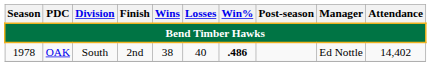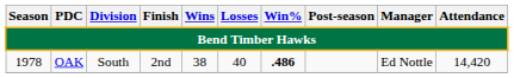 <table class="wikitable" style="text-align:center; font-size:95%">
 <tr>
 <th scope="col">Season</th>
 <th scope="col">PDC</th>
 <th scope="col"><a href='#'>Division</a></th>
 <th scope="col">Finish</th>
 <th scope="col"><a href='#'>Wins</a></th>
 <th scope="col"><a href='#'>Losses</a></th>
 <th scope="col"><a href='#'>Win%</a></th>
 <th scope="col">Post-season</th>
 <th scope="col">Manager</th>
 <th scope="col">Attendance</th>
 </tr>
 <tr>
 <td align="center" colspan="11" style="background: #007444; color: white; border:2px solid #EFB21E"><strong>Bend Timber Hawks</strong></td>
 </tr>
 <tr>
 <td>1978</td>
 <td><a href='#'>OAK</a></td>
 <td>South</td>
 <td>2nd</td>
 <td>38</td>
 <td>40</td>
 <td><strong>.486</strong></td>
 <td></td>
 <td>Ed Nottle</td>
-<td>14,402</td>
+<td>14,420</td>
 </tr>
 <tr>
 </tr>
 </table>
